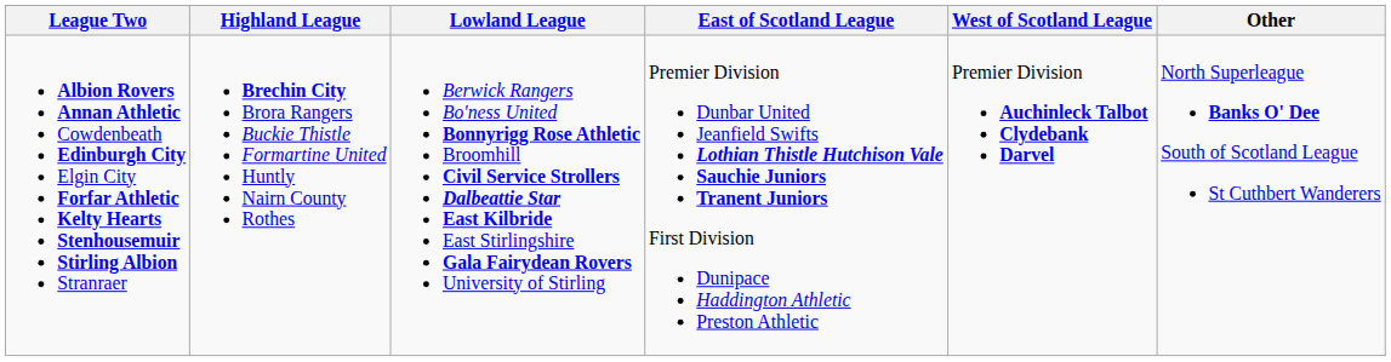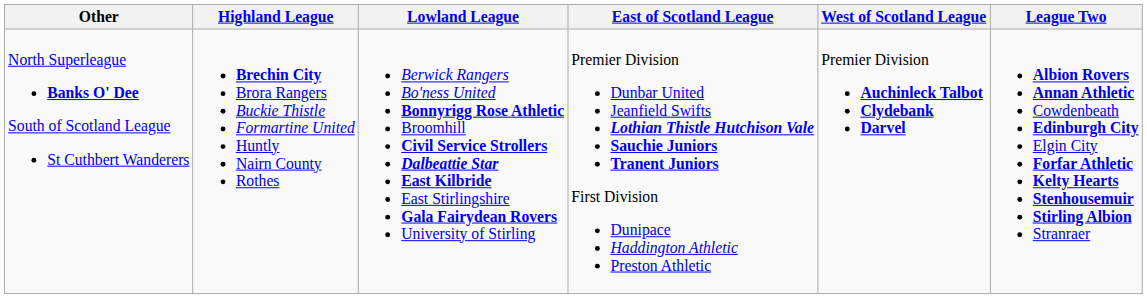 <table class="wikitable" style="text-align:left">
 <tr>
-<th><a href='#'>League Two</a></th>
+<th>Other</th>
 <th><a href='#'>Highland League</a></th>
 <th><a href='#'>Lowland League</a></th>
 <th><a href='#'>East of Scotland League</a></th>
 <th><a href='#'>West of Scotland League</a></th>
-<th>Other</th>
+<th><a href='#'>League Two</a></th>
 </tr>
 <tr>
-<td valign=top><br><ul><li><strong><a href='#'>Albion Rovers</a></strong></li><li><strong><a href='#'>Annan Athletic</a></strong></li><li><a href='#'>Cowdenbeath</a></li><li><strong><a href='#'>Edinburgh City</a></strong></li><li><a href='#'>Elgin City</a></li><li><strong><a href='#'>Forfar Athletic</a></strong></li><li><strong><a href='#'>Kelty Hearts</a></strong></li><li><strong><a href='#'>Stenhousemuir</a></strong></li><li><strong><a href='#'>Stirling Albion</a></strong></li><li><a href='#'>Stranraer</a></li></ul></td>
+<td valign=top><br><a href='#'>North Superleague</a><ul><li><strong><a href='#'>Banks O' Dee</a></strong></li></ul><a href='#'>South of Scotland League</a><ul><li><a href='#'>St Cuthbert Wanderers</a></li></ul></td>
 <td valign=top><br><ul><li><strong><a href='#'>Brechin City</a></strong></li><li><a href='#'>Brora Rangers</a></li><li><em><a href='#'>Buckie Thistle</a></em></li><li><em><a href='#'>Formartine United</a></em></li><li><a href='#'>Huntly</a></li><li><a href='#'>Nairn County</a></li><li><a href='#'>Rothes</a></li></ul></td>
 <td valign=top><br><ul><li><em><a href='#'>Berwick Rangers</a></em></li><li><em><a href='#'>Bo'ness United</a></em></li><li><strong><a href='#'>Bonnyrigg Rose Athletic</a></strong></li><li><a href='#'>Broomhill</a></li><li><strong><a href='#'>Civil Service Strollers</a></strong></li><li><strong><em><a href='#'>Dalbeattie Star</a></em></strong></li><li><strong><a href='#'>East Kilbride</a></strong></li><li><a href='#'>East Stirlingshire</a></li><li><strong><a href='#'>Gala Fairydean Rovers</a></strong></li><li><a href='#'>University of Stirling</a></li></ul></td>
 <td valign=top><br>Premier Division<ul><li><a href='#'>Dunbar United</a></li><li><a href='#'>Jeanfield Swifts</a></li><li><strong><em><a href='#'>Lothian Thistle Hutchison Vale</a></em></strong></li><li><strong><a href='#'>Sauchie Juniors</a></strong></li><li><strong><a href='#'>Tranent Juniors</a></strong></li></ul>First Division<ul><li><a href='#'>Dunipace</a></li><li><em><a href='#'>Haddington Athletic</a></em></li><li><a href='#'>Preston Athletic</a></li></ul></td>
 <td valign=top><br>Premier Division<ul><li><strong><a href='#'>Auchinleck Talbot</a></strong></li><li><strong><a href='#'>Clydebank</a></strong></li><li><strong><a href='#'>Darvel</a></strong></li></ul></td>
-<td valign=top><br><a href='#'>North Superleague</a><ul><li><strong><a href='#'>Banks O' Dee</a></strong></li></ul><a href='#'>South of Scotland League</a><ul><li><a href='#'>St Cuthbert Wanderers</a></li></ul></td>
+<td valign=top><br><ul><li><strong><a href='#'>Albion Rovers</a></strong></li><li><strong><a href='#'>Annan Athletic</a></strong></li><li><a href='#'>Cowdenbeath</a></li><li><strong><a href='#'>Edinburgh City</a></strong></li><li><a href='#'>Elgin City</a></li><li><strong><a href='#'>Forfar Athletic</a></strong></li><li><strong><a href='#'>Kelty Hearts</a></strong></li><li><strong><a href='#'>Stenhousemuir</a></strong></li><li><strong><a href='#'>Stirling Albion</a></strong></li><li><a href='#'>Stranraer</a></li></ul></td>
 </tr>
 </table>
